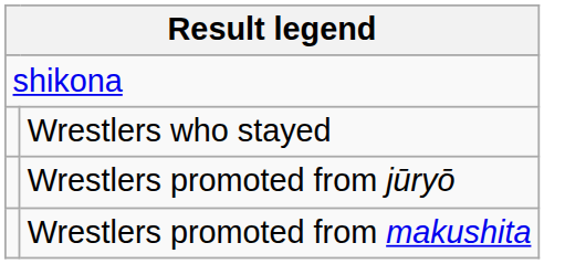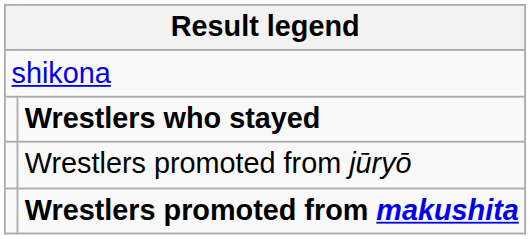 <table class="wikitable defaultcenter col2left">
 <tr>
 <th colspan="3">Result legend</th>
 </tr>
 <tr>
 <td colspan="2"><a href='#'>shikona</a> </td>
 </tr>
 <tr>
 <td></td>
-<td>Wrestlers who stayed</td>
+<td><strong>Wrestlers who stayed</strong></td>
 </tr>
 <tr>
 <td></td>
 <td>Wrestlers promoted from <em>jūryō</em></td>
 </tr>
 <tr>
 <td></td>
-<td>Wrestlers promoted from <em><a href='#'>makushita</a></em></td>
+<td><strong>Wrestlers promoted from <em><a href='#'>makushita</a></em></strong></td>
 </tr>
 </table>
